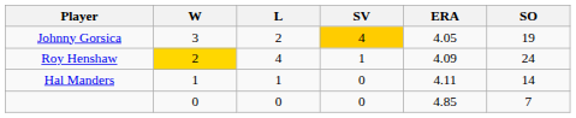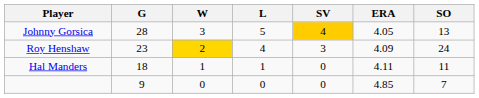 <table class="wikitable sortable">
 <tr>
 <th bgcolor="#DDDDFF" width="16%">Player</th>
+<th bgcolor="#DDDDFF" width="9%">G</th>
 <th bgcolor="#DDDDFF" width="9%">W</th>
 <th bgcolor="#DDDDFF" width="9%">L</th>
 <th bgcolor="#DDDDFF" width="9%">SV</th>
 <th bgcolor="#DDDDFF" width="9%">ERA</th>
 <th bgcolor="#DDDDFF" width="9%">SO</th>
 </tr>
 <tr align="center">
 <td><a href='#'>Johnny Gorsica</a></td>
+<td>28</td>
 <td>3</td>
-<td>2</td>
+<td>5</td>
 <td style="background:#fc0;">4</td>
 <td>4.05</td>
-<td>19</td>
+<td>13</td>
 </tr>
 <tr align=center>
 <td><a href='#'>Roy Henshaw</a></td>
+<td>23</td>
 <td style="background: gold;">2</td>
 <td>4</td>
-<td>1</td>
+<td>3</td>
 <td>4.09</td>
 <td>24</td>
 </tr>
 <tr align=center>
 <td><a href='#'>Hal Manders</a></td>
+<td>18</td>
 <td>1</td>
 <td>1</td>
 <td>0</td>
 <td>4.11</td>
-<td>14</td>
+<td>11</td>
 </tr>
 <tr align=center>
 <td></td>
+<td>9</td>
 <td>0</td>
 <td>0</td>
 <td>0</td>
 <td>4.85</td>
 <td>7</td>
 </tr>
 </table>
